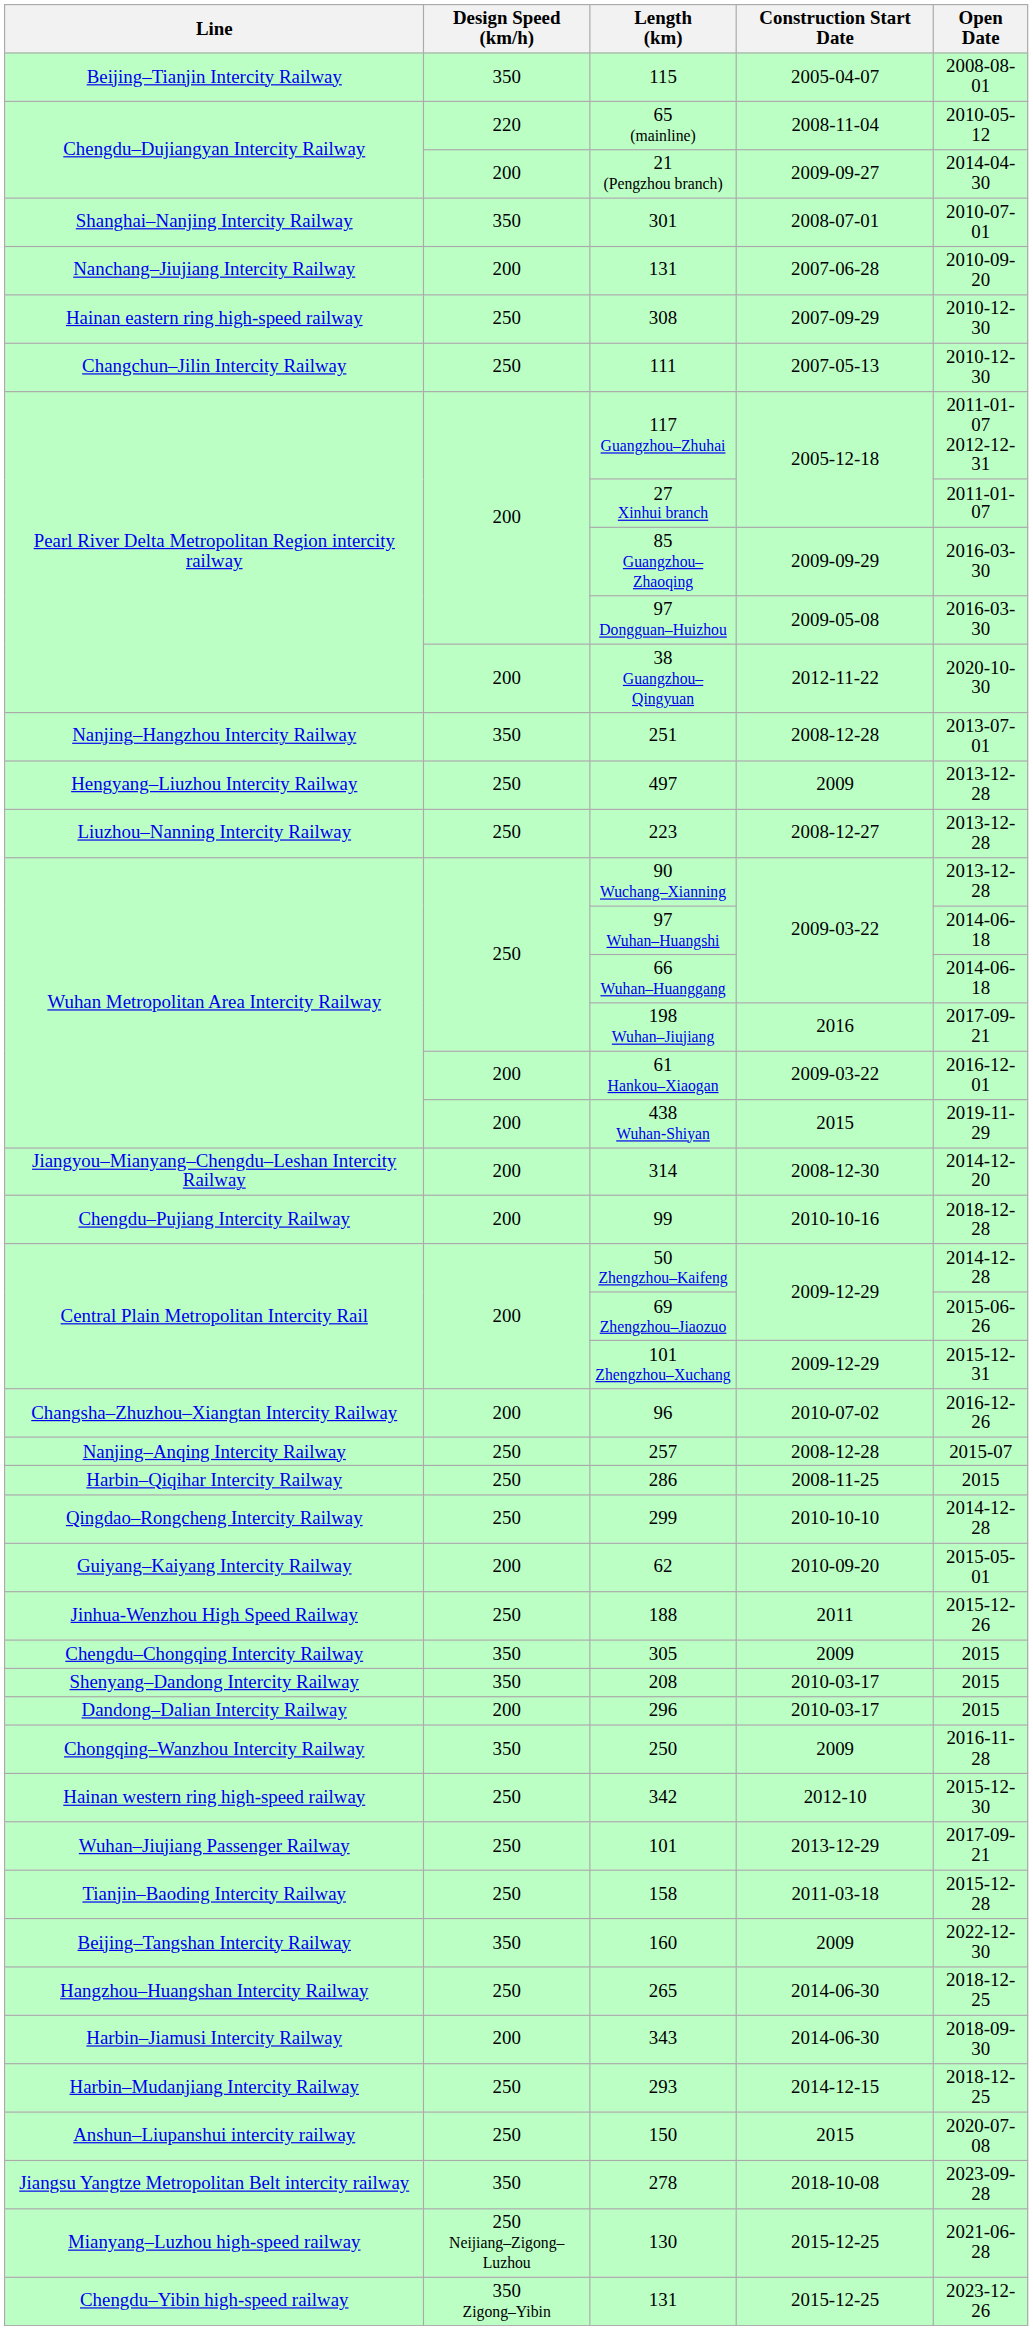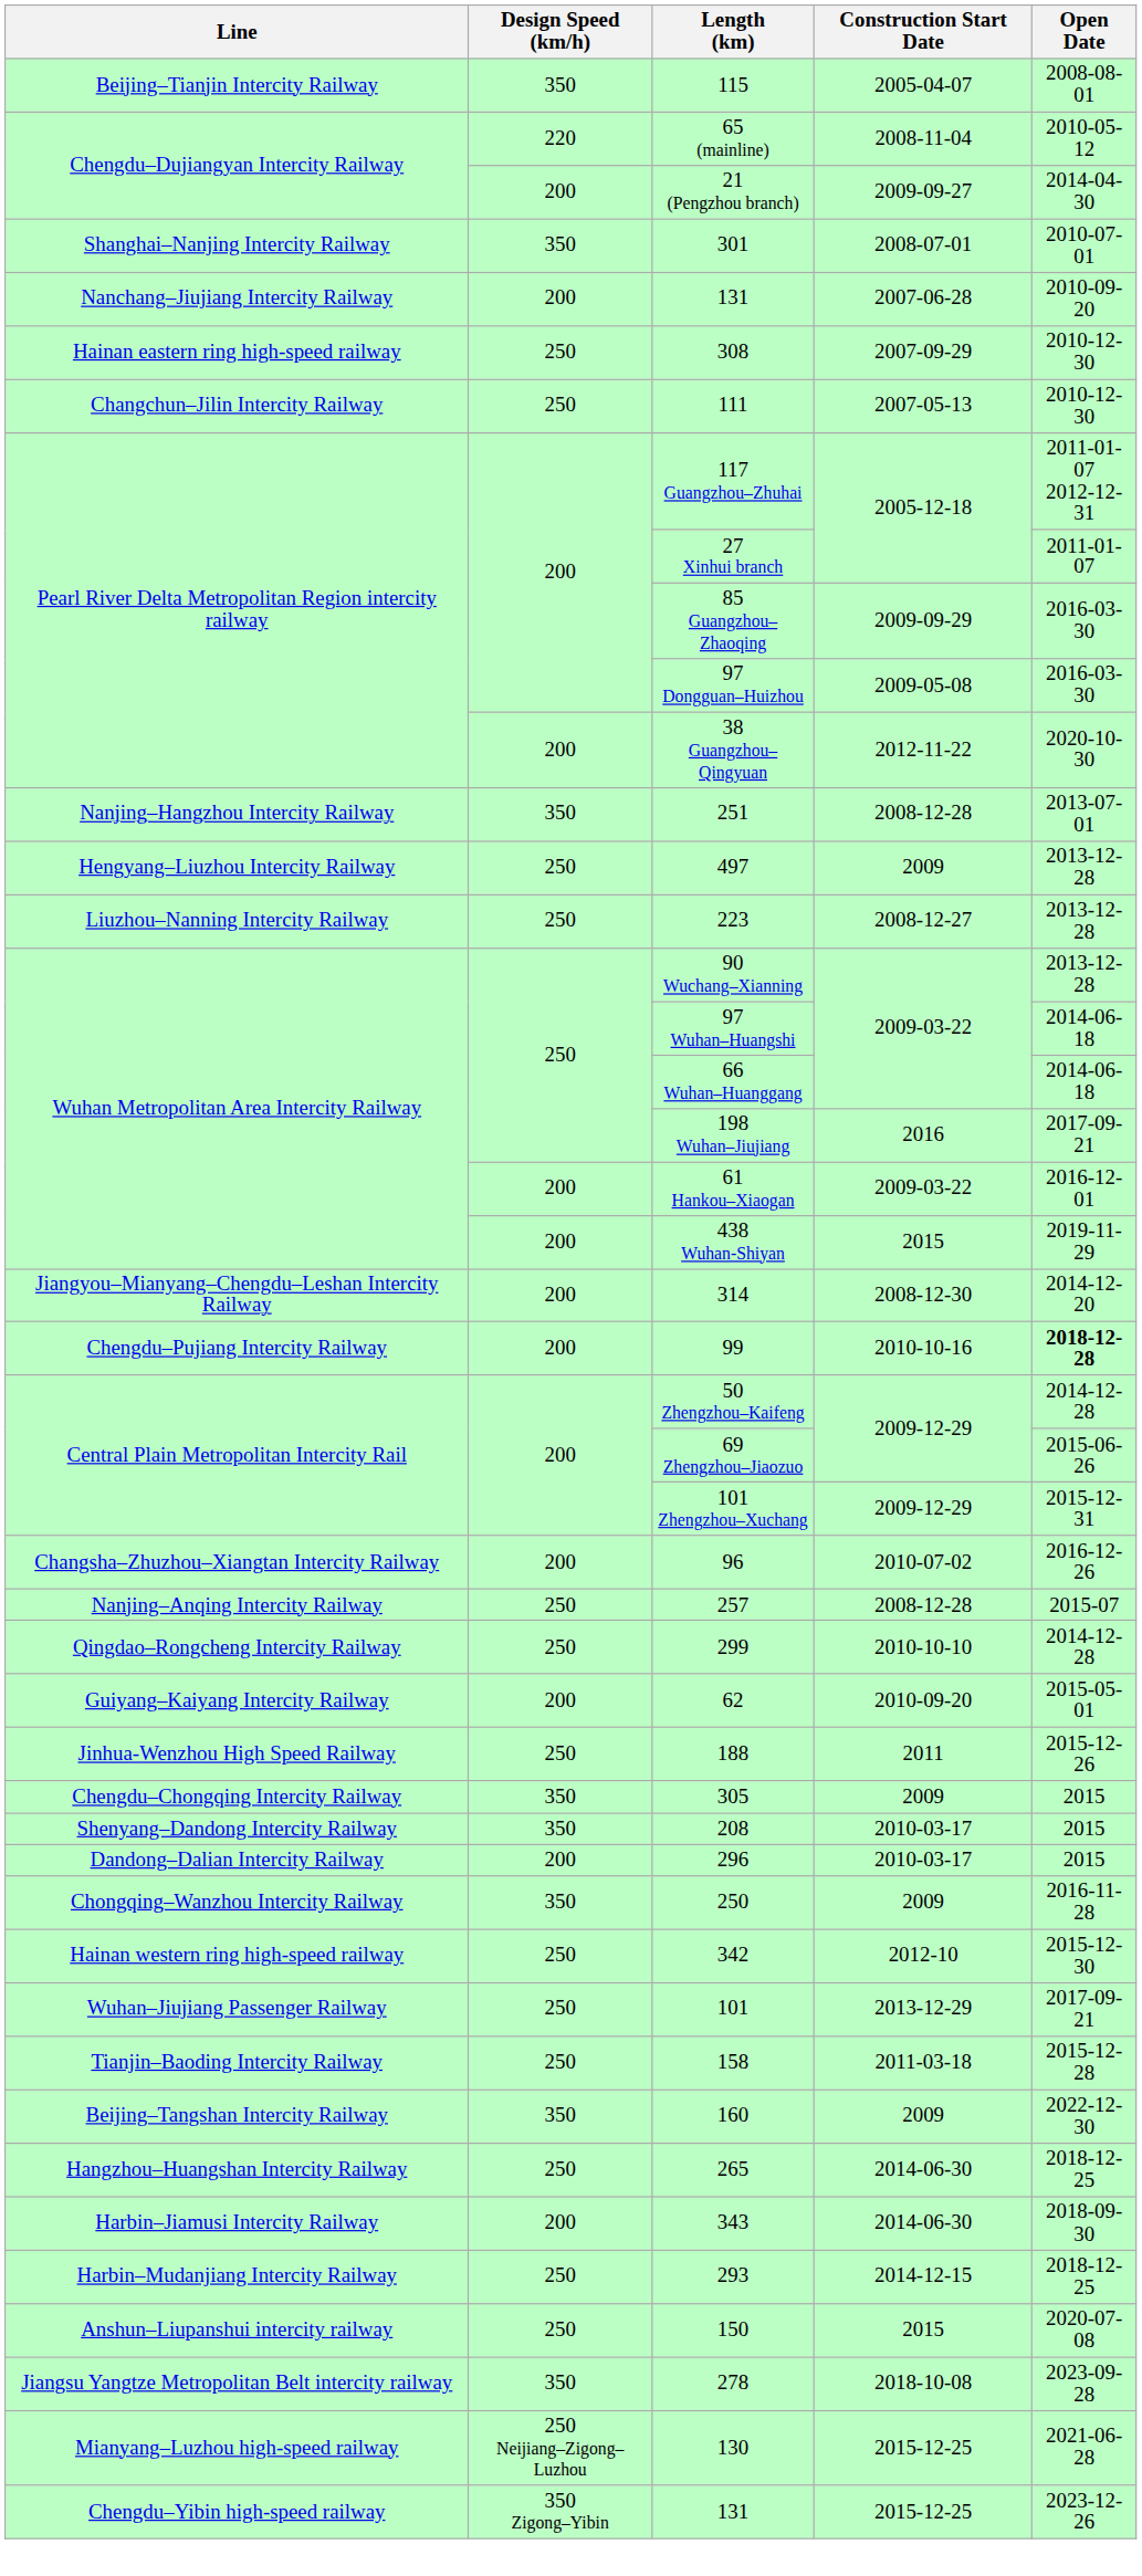 <table class="wikitable sortable" " style="text-align:center; line-height:1.05">
 <tr>
 <th>Line</th>
 <th>Design Speed<br>(km/h)</th>
 <th>Length<br>(km)</th>
 <th>Construction Start Date</th>
 <th>Open Date</th>
 </tr>
 <tr style="background:#bcffc5;">
 <td><a href='#'>Beijing–Tianjin Intercity Railway</a></td>
 <td>350</td>
 <td>115</td>
 <td>2005-04-07</td>
 <td>2008-08-01</td>
 </tr>
 <tr style="background:#bcffc5;">
 <td rowspan="2"><a href='#'>Chengdu–Dujiangyan Intercity Railway</a></td>
 <td>220</td>
 <td>65<br><small>(mainline)</small></td>
 <td>2008-11-04</td>
 <td>2010-05-12</td>
 </tr>
 <tr style="background:#bcffc5;">
 <td>200</td>
 <td>21<br><small>(Pengzhou branch)</small></td>
 <td>2009-09-27</td>
 <td>2014-04-30</td>
 </tr>
 <tr style="background:#bcffc5;">
 <td><a href='#'>Shanghai–Nanjing Intercity Railway</a></td>
 <td>350</td>
 <td>301</td>
 <td>2008-07-01</td>
 <td>2010-07-01</td>
 </tr>
 <tr style="background:#bcffc5;">
 <td><a href='#'>Nanchang–Jiujiang Intercity Railway</a></td>
 <td>200</td>
 <td>131</td>
 <td>2007-06-28</td>
 <td>2010-09-20</td>
 </tr>
 <tr style="background:#bcffc5;">
 <td><a href='#'>Hainan eastern ring high-speed railway</a></td>
 <td>250</td>
 <td>308</td>
 <td>2007-09-29</td>
 <td>2010-12-30</td>
 </tr>
 <tr style="background:#bcffc5;">
 <td><a href='#'>Changchun–Jilin Intercity Railway</a></td>
 <td>250</td>
 <td>111</td>
 <td>2007-05-13</td>
 <td>2010-12-30</td>
 </tr>
 <tr style="background:#bcffc5;">
 <td rowspan="5"><a href='#'>Pearl River Delta Metropolitan Region intercity railway</a></td>
 <td rowspan="4">200</td>
 <td>117<br><small><a href='#'>Guangzhou–Zhuhai</a></small></td>
 <td rowspan="2">2005-12-18</td>
 <td>2011-01-07<br>2012-12-31</td>
 </tr>
 <tr style="background:#bcffc5;">
 <td>27<br><small><a href='#'>Xinhui branch</a></small></td>
 <td>2011-01-07</td>
 </tr>
 <tr style="background:#bcffc5;">
 <td>85<br><small><a href='#'>Guangzhou–Zhaoqing</a></small></td>
 <td>2009-09-29</td>
 <td>2016-03-30</td>
 </tr>
 <tr style="background:#bcffc5;">
 <td>97<br><small><a href='#'>Dongguan–Huizhou</a></small></td>
 <td>2009-05-08</td>
 <td>2016-03-30</td>
 </tr>
 <tr style="background:#bcffc5;">
 <td>200</td>
 <td>38<br><small><a href='#'>Guangzhou–Qingyuan</a></small></td>
 <td>2012-11-22</td>
 <td>2020-10-30</td>
 </tr>
 <tr style="background:#bcffc5;">
 <td><a href='#'>Nanjing–Hangzhou Intercity Railway</a></td>
 <td>350</td>
 <td>251</td>
 <td>2008-12-28</td>
 <td>2013-07-01</td>
 </tr>
 <tr style="background:#bcffc5;">
 <td><a href='#'>Hengyang–Liuzhou Intercity Railway</a></td>
 <td>250</td>
 <td>497</td>
 <td>2009</td>
 <td>2013-12-28</td>
 </tr>
 <tr style="background:#bcffc5;">
 <td><a href='#'>Liuzhou–Nanning Intercity Railway</a></td>
 <td>250</td>
 <td>223</td>
 <td>2008-12-27</td>
 <td>2013-12-28</td>
 </tr>
 <tr style="background:#bcffc5;">
 <td rowspan="6"><a href='#'>Wuhan Metropolitan Area Intercity Railway</a></td>
 <td rowspan="4">250</td>
 <td>90<br><small><a href='#'>Wuchang–Xianning</a></small></td>
 <td rowspan="3">2009-03-22</td>
 <td>2013-12-28</td>
 </tr>
 <tr style="background:#bcffc5;">
 <td>97<br><small><a href='#'>Wuhan–Huangshi</a></small></td>
 <td>2014-06-18</td>
 </tr>
 <tr style="background:#bcffc5;">
 <td>66<br><small><a href='#'>Wuhan–Huanggang</a></small></td>
 <td>2014-06-18</td>
 </tr>
 <tr style="background:#bcffc5;">
 <td>198<br><small><a href='#'>Wuhan–Jiujiang</a></small></td>
 <td>2016</td>
 <td>2017-09-21</td>
 </tr>
 <tr style="background:#bcffc5;">
 <td>200</td>
 <td>61<br><small><a href='#'>Hankou–Xiaogan</a></small></td>
 <td>2009-03-22</td>
 <td>2016-12-01</td>
 </tr>
 <tr style="background:#bcffc5;">
 <td>200</td>
 <td>438<br><small><a href='#'>Wuhan-Shiyan</a></small></td>
 <td>2015</td>
 <td>2019-11-29</td>
 </tr>
 <tr style="background:#bcffc5;">
 <td><a href='#'>Jiangyou–Mianyang–Chengdu–Leshan Intercity Railway</a></td>
 <td>200</td>
 <td>314</td>
 <td>2008-12-30</td>
 <td>2014-12-20</td>
 </tr>
 <tr style="background:#bcffc5;">
 <td><a href='#'>Chengdu–Pujiang Intercity Railway</a></td>
 <td>200</td>
 <td>99</td>
 <td>2010-10-16</td>
-<td>2018-12-28</td>
+<td><strong>2018-12-28</strong></td>
 </tr>
 <tr style="background:#bcffc5;">
 <td rowspan="3"><a href='#'>Central Plain Metropolitan Intercity Rail</a></td>
 <td rowspan="3">200</td>
 <td>50<br><small><a href='#'>Zhengzhou–Kaifeng</a></small></td>
 <td rowspan="2">2009-12-29</td>
 <td>2014-12-28</td>
 </tr>
 <tr style="background:#bcffc5;">
 <td>69<br><small><a href='#'>Zhengzhou–Jiaozuo</a></small></td>
 <td>2015-06-26</td>
 </tr>
 <tr style="background:#bcffc5;">
 <td>101<br><small><a href='#'>Zhengzhou–Xuchang</a></small></td>
 <td>2009-12-29</td>
 <td>2015-12-31</td>
 </tr>
 <tr style="background:#bcffc5;">
 <td><a href='#'>Changsha–Zhuzhou–Xiangtan Intercity Railway</a></td>
 <td>200</td>
 <td>96</td>
 <td>2010-07-02</td>
 <td>2016-12-26</td>
 </tr>
 <tr style="background:#bcffc5;">
 <td><a href='#'>Nanjing–Anqing Intercity Railway</a></td>
 <td>250</td>
 <td>257</td>
 <td>2008-12-28</td>
 <td>2015-07</td>
-</tr>
-<tr style="background:#bcffc5;">
-<td><a href='#'>Harbin–Qiqihar Intercity Railway</a></td>
-<td>250</td>
-<td>286</td>
-<td>2008-11-25</td>
-<td>2015</td>
 </tr>
 <tr style="background:#bcffc5;">
 <td><a href='#'>Qingdao–Rongcheng Intercity Railway</a></td>
 <td>250</td>
 <td>299</td>
 <td>2010-10-10</td>
 <td>2014-12-28</td>
 </tr>
 <tr style="background:#bcffc5;">
 <td><a href='#'>Guiyang–Kaiyang Intercity Railway</a></td>
 <td>200</td>
 <td>62</td>
 <td>2010-09-20</td>
 <td>2015-05-01</td>
 </tr>
 <tr style="background:#bcffc5;">
 <td><a href='#'>Jinhua-Wenzhou High Speed Railway</a></td>
 <td>250</td>
 <td>188</td>
 <td>2011</td>
 <td>2015-12-26</td>
 </tr>
 <tr style="background:#bcffc5;">
 <td><a href='#'>Chengdu–Chongqing Intercity Railway</a></td>
 <td>350</td>
 <td>305</td>
 <td>2009</td>
 <td>2015</td>
 </tr>
 <tr style="background:#bcffc5;">
 <td><a href='#'>Shenyang–Dandong Intercity Railway</a></td>
 <td>350</td>
 <td>208</td>
 <td>2010-03-17</td>
 <td>2015</td>
 </tr>
 <tr style="background:#bcffc5;">
 <td><a href='#'>Dandong–Dalian Intercity Railway</a></td>
 <td>200</td>
 <td>296</td>
 <td>2010-03-17</td>
 <td>2015</td>
 </tr>
 <tr style="background:#bcffc5;">
 <td><a href='#'>Chongqing–Wanzhou Intercity Railway</a></td>
 <td>350</td>
 <td>250</td>
 <td>2009</td>
 <td>2016-11-28</td>
 </tr>
 <tr style="background:#bcffc5;">
 <td><a href='#'>Hainan western ring high-speed railway</a></td>
 <td>250</td>
 <td>342</td>
 <td>2012-10</td>
 <td>2015-12-30</td>
 </tr>
 <tr style="background:#bcffc5;">
 <td><a href='#'>Wuhan–Jiujiang Passenger Railway</a></td>
 <td>250</td>
 <td>101</td>
 <td>2013-12-29</td>
 <td>2017-09-21</td>
 </tr>
 <tr style="background:#bcffc5;">
 <td><a href='#'>Tianjin–Baoding Intercity Railway</a></td>
 <td>250</td>
 <td>158</td>
 <td>2011-03-18</td>
 <td>2015-12-28</td>
 </tr>
 <tr style="background:#bcffc5;">
 <td><a href='#'>Beijing–Tangshan Intercity Railway</a></td>
 <td>350</td>
 <td>160</td>
 <td>2009</td>
 <td>2022-12-30</td>
 </tr>
 <tr style="background:#bcffc5;">
 <td><a href='#'>Hangzhou–Huangshan Intercity Railway</a></td>
 <td>250</td>
 <td>265</td>
 <td>2014-06-30</td>
 <td>2018-12-25</td>
 </tr>
 <tr style="background:#bcffc5;">
 <td><a href='#'>Harbin–Jiamusi Intercity Railway</a></td>
 <td>200</td>
 <td>343</td>
 <td>2014-06-30</td>
 <td>2018-09-30</td>
 </tr>
 <tr style="background:#bcffc5;">
 <td><a href='#'>Harbin–Mudanjiang Intercity Railway</a></td>
 <td>250</td>
 <td>293</td>
 <td>2014-12-15</td>
 <td>2018-12-25</td>
 </tr>
 <tr style="background:#bcffc5;">
 <td><a href='#'>Anshun–Liupanshui intercity railway</a></td>
 <td>250</td>
 <td>150</td>
 <td>2015</td>
 <td>2020-07-08</td>
 </tr>
 <tr style="background:#bcffc5;">
 <td><a href='#'>Jiangsu Yangtze Metropolitan Belt intercity railway</a></td>
 <td>350</td>
 <td>278</td>
 <td>2018-10-08</td>
 <td>2023-09-28</td>
 </tr>
 <tr style="background:#bcffc5;">
 <td><a href='#'>Mianyang–Luzhou high-speed railway</a></td>
 <td>250<br><small>Neijiang–Zigong–Luzhou</small></td>
 <td>130</td>
 <td>2015-12-25</td>
 <td>2021-06-28</td>
 </tr>
 <tr style="background:#bcffc5;">
 <td><a href='#'>Chengdu–Yibin high-speed railway</a></td>
 <td>350<br><small>Zigong–Yibin</small></td>
 <td>131</td>
 <td>2015-12-25</td>
 <td>2023-12-26</td>
 </tr>
 </table>
